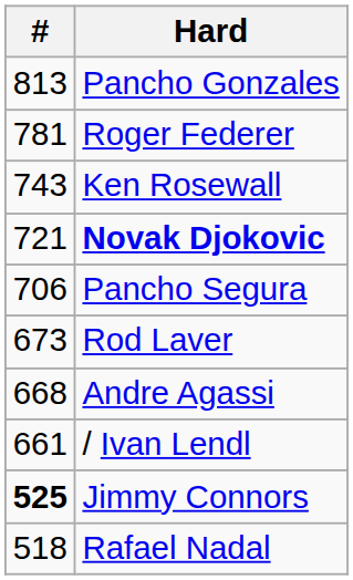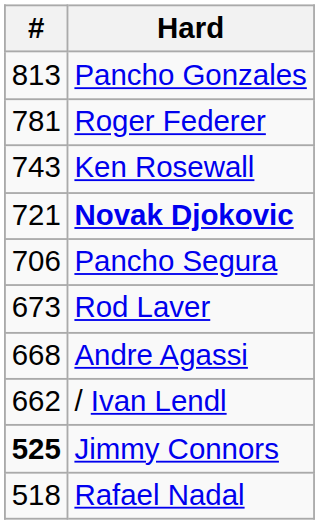 <table class=wikitable style="display:inline-table;">
 <tr>
 <th>#</th>
 <th>Hard</th>
 </tr>
 <tr>
 <td>813</td>
 <td> <a href='#'>Pancho Gonzales</a></td>
 </tr>
 <tr>
 <td>781</td>
 <td> <a href='#'>Roger Federer</a></td>
 </tr>
 <tr>
 <td>743</td>
 <td> <a href='#'>Ken Rosewall</a></td>
 </tr>
 <tr>
 <td>721</td>
 <td> <strong><a href='#'>Novak Djokovic</a></strong></td>
 </tr>
 <tr>
 <td>706</td>
 <td> <a href='#'>Pancho Segura</a></td>
 </tr>
 <tr>
 <td>673</td>
 <td> <a href='#'>Rod Laver</a></td>
 </tr>
 <tr>
 <td>668</td>
 <td> <a href='#'>Andre Agassi</a></td>
 </tr>
 <tr>
-<td>661</td>
+<td>662</td>
 <td>/ <a href='#'>Ivan Lendl</a></td>
 </tr>
 <tr>
 <td><strong>525</strong></td>
 <td> <a href='#'>Jimmy Connors</a></td>
 </tr>
 <tr>
 <td>518</td>
 <td> <a href='#'>Rafael Nadal</a></td>
 </tr>
 </table>
